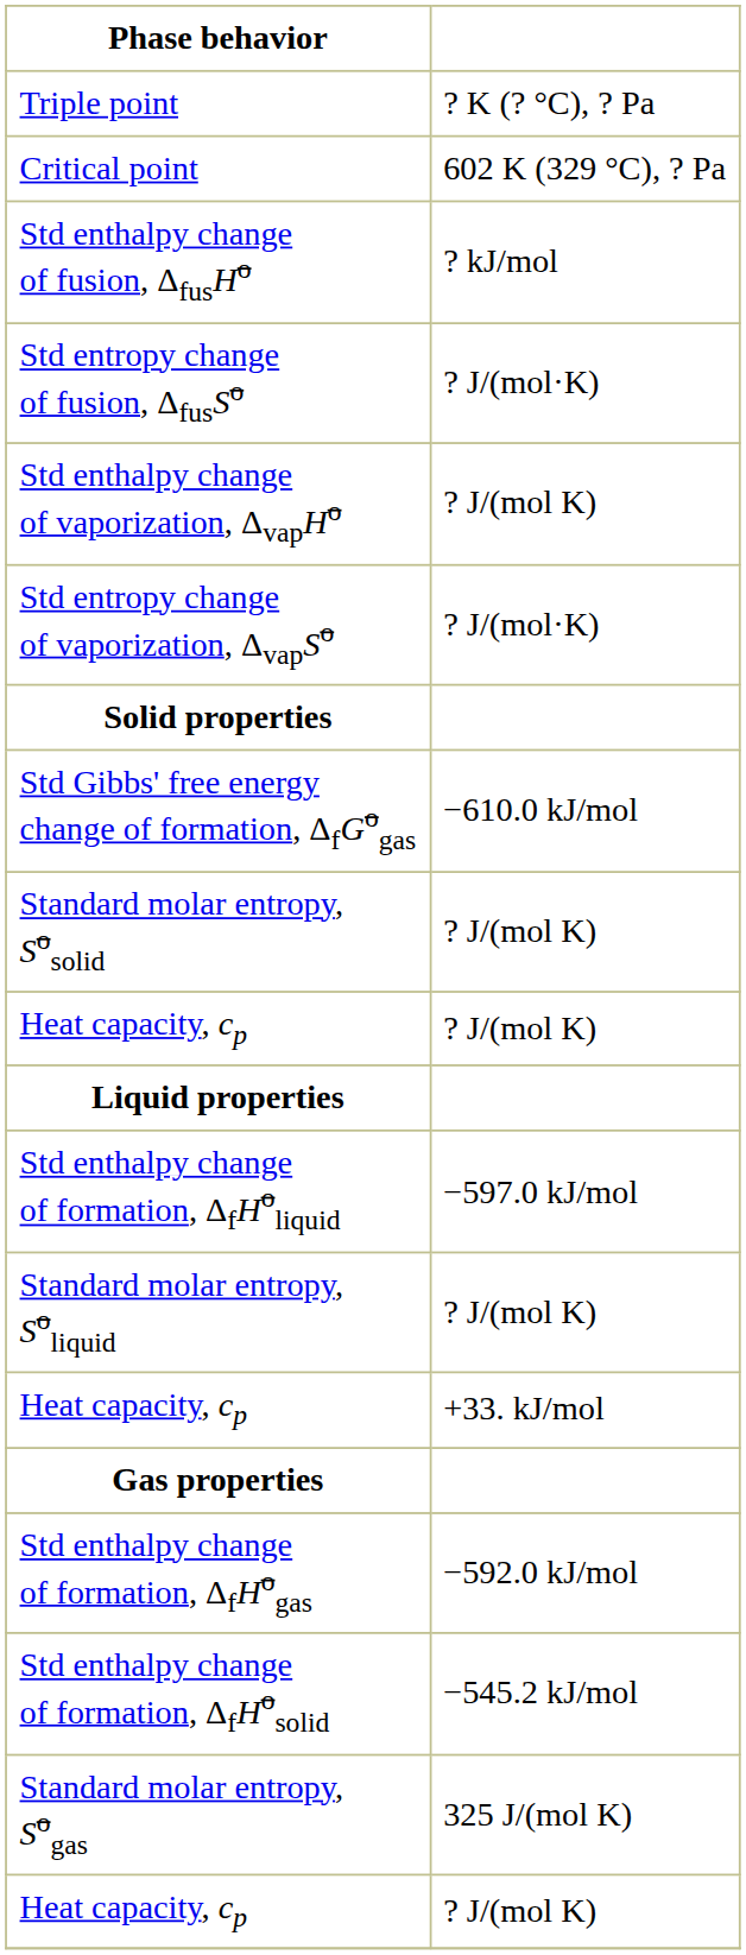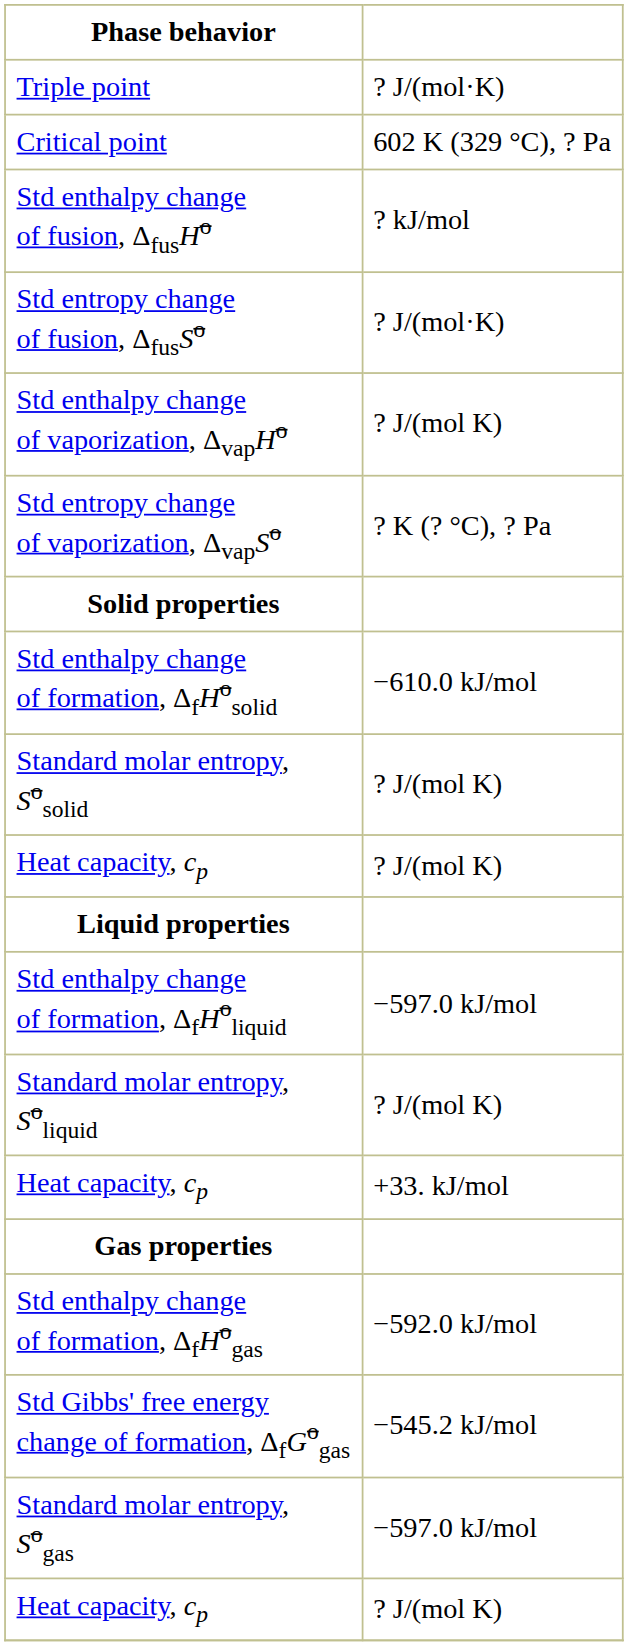 <table border="1" cellspacing="0" cellpadding="6" style="margin: 0 0 0 0.5em; background: #FFFFFF; border-collapse: collapse; border-color: #C0C090;">
 <tr>
 <th>Phase behavior</th>
 </tr>
 <tr>
 <td><a href='#'>Triple point</a></td>
-<td>? K (? °C), ? Pa</td>
+<td>? J/(mol·K)</td>
 </tr>
 <tr>
 <td><a href='#'>Critical point</a></td>
 <td>602 K (329 °C), ? Pa</td>
 </tr>
 <tr>
 <td><a href='#'>Std enthalpy change<br>of fusion</a>, Δ<sub>fus</sub><em>H</em><sup><s>o</s></sup></td>
 <td>? kJ/mol</td>
 </tr>
 <tr>
 <td><a href='#'>Std entropy change<br>of fusion</a>, Δ<sub>fus</sub><em>S</em><sup><s>o</s></sup></td>
 <td>? J/(mol·K)</td>
 </tr>
 <tr>
 <td><a href='#'>Std enthalpy change<br>of vaporization</a>, Δ<sub>vap</sub><em>H</em><sup><s>o</s></sup></td>
 <td>? J/(mol K)</td>
 </tr>
 <tr>
 <td><a href='#'>Std entropy change<br>of vaporization</a>, Δ<sub>vap</sub><em>S</em><sup><s>o</s></sup></td>
-<td>? J/(mol·K)</td>
+<td>? K (? °C), ? Pa</td>
 </tr>
 <tr>
 <th>Solid properties</th>
 </tr>
 <tr>
-<td><a href='#'>Std Gibbs' free energy<br>change of formation</a>, Δ<sub>f</sub><em>G</em><sup><s>o</s></sup><sub>gas</sub></td>
+<td><a href='#'>Std enthalpy change<br>of formation</a>, Δ<sub>f</sub><em>H</em><sup><s>o</s></sup><sub>solid</sub></td>
 <td>−610.0 kJ/mol</td>
 </tr>
 <tr>
 <td><a href='#'>Standard molar entropy</a>,<br><em>S</em><sup><s>o</s></sup><sub>solid</sub></td>
 <td>? J/(mol K)</td>
 </tr>
 <tr>
 <td><a href='#'>Heat capacity</a>, <em>c<sub>p</sub></em></td>
 <td>? J/(mol K)</td>
 </tr>
 <tr>
 <th>Liquid properties</th>
 </tr>
 <tr>
 <td><a href='#'>Std enthalpy change<br>of formation</a>, Δ<sub>f</sub><em>H</em><sup><s>o</s></sup><sub>liquid</sub></td>
 <td>−597.0 kJ/mol</td>
 </tr>
 <tr>
 <td><a href='#'>Standard molar entropy</a>,<br><em>S</em><sup><s>o</s></sup><sub>liquid</sub></td>
 <td>? J/(mol K)</td>
 </tr>
 <tr>
 <td><a href='#'>Heat capacity</a>, <em>c<sub>p</sub></em></td>
 <td>+33. kJ/mol</td>
 </tr>
 <tr>
 <th>Gas properties</th>
 </tr>
 <tr>
 <td><a href='#'>Std enthalpy change<br>of formation</a>, Δ<sub>f</sub><em>H</em><sup><s>o</s></sup><sub>gas</sub></td>
 <td>−592.0 kJ/mol</td>
 </tr>
 <tr>
-<td><a href='#'>Std enthalpy change<br>of formation</a>, Δ<sub>f</sub><em>H</em><sup><s>o</s></sup><sub>solid</sub></td>
+<td><a href='#'>Std Gibbs' free energy<br>change of formation</a>, Δ<sub>f</sub><em>G</em><sup><s>o</s></sup><sub>gas</sub></td>
 <td>−545.2 kJ/mol</td>
 </tr>
 <tr>
 <td><a href='#'>Standard molar entropy</a>,<br><em>S</em><sup><s>o</s></sup><sub>gas</sub></td>
-<td>325 J/(mol K)</td>
+<td>−597.0 kJ/mol</td>
 </tr>
 <tr>
 <td><a href='#'>Heat capacity</a>, <em>c<sub>p</sub></em></td>
 <td>? J/(mol K)</td>
 </tr>
 <tr>
 </tr>
 </table>
